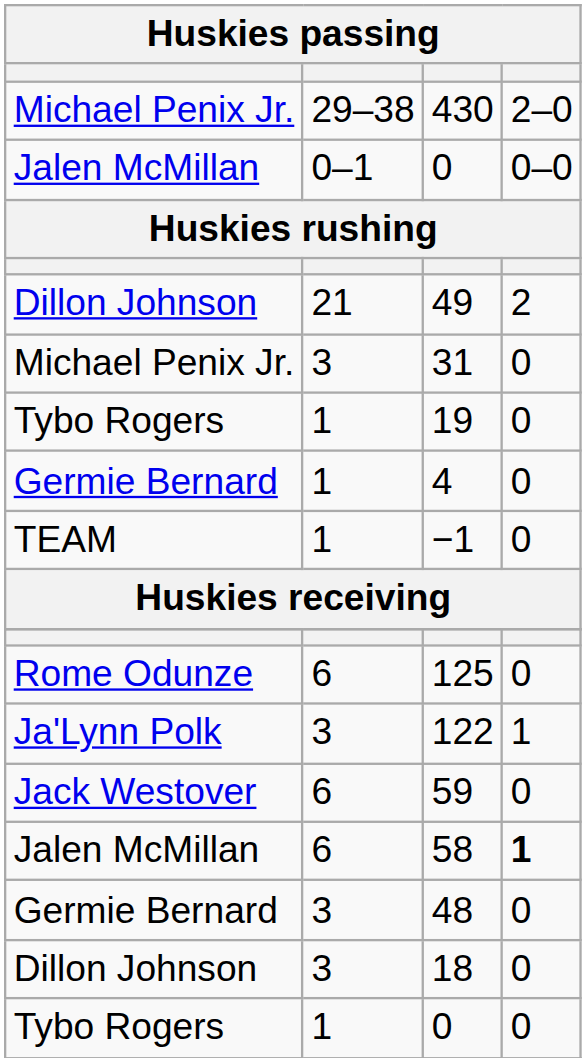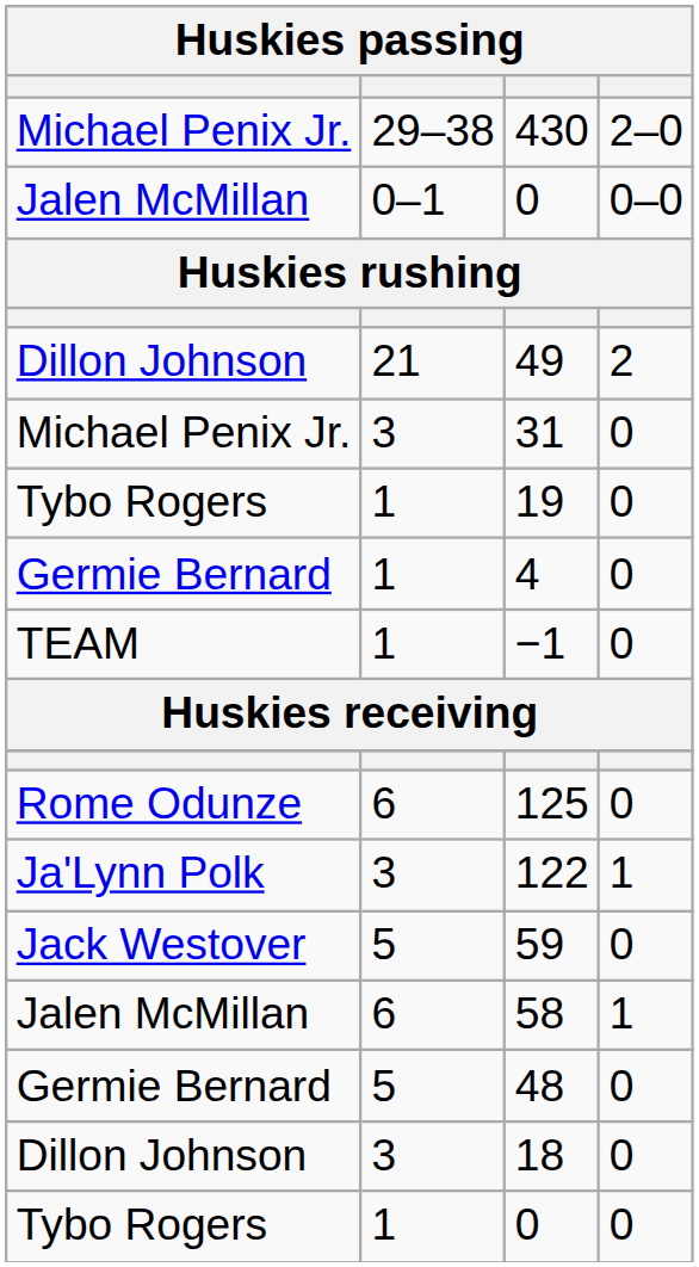 <table class="wikitable plainrowheaders">
 <tr>
 <th colspan="6">Huskies passing</th>
 </tr>
 <tr>
 <th scope="col"></th>
 <th scope="col"></th>
 <th scope="col"></th>
 <th scope="col"></th>
 </tr>
 <tr>
 <td><a href='#'>Michael Penix Jr.</a></td>
 <td>29–38</td>
 <td>430</td>
 <td>2–0</td>
 </tr>
 <tr>
 <td><a href='#'>Jalen McMillan</a></td>
 <td>0–1</td>
 <td>0</td>
 <td>0–0</td>
 </tr>
 <tr>
 <th colspan="6">Huskies rushing</th>
 </tr>
 <tr>
 <th scope="col"></th>
 <th scope="col"></th>
 <th scope="col"></th>
 <th scope="col"></th>
 </tr>
 <tr>
 <td><a href='#'>Dillon Johnson</a></td>
 <td>21</td>
 <td>49</td>
 <td>2</td>
 </tr>
 <tr>
 <td>Michael Penix Jr.</td>
 <td>3</td>
 <td>31</td>
 <td>0</td>
 </tr>
 <tr>
 <td>Tybo Rogers</td>
 <td>1</td>
 <td>19</td>
 <td>0</td>
 </tr>
 <tr>
 <td><a href='#'>Germie Bernard</a></td>
 <td>1</td>
 <td>4</td>
 <td>0</td>
 </tr>
 <tr>
 <td>TEAM</td>
 <td>1</td>
 <td>−1</td>
 <td>0</td>
 </tr>
 <tr>
 <th colspan="6">Huskies receiving</th>
 </tr>
 <tr>
 </tr>
 <tr>
 <th scope="col"></th>
 <th scope="col"></th>
 <th scope="col"></th>
 <th scope="col"></th>
 </tr>
 <tr>
 <td><a href='#'>Rome Odunze</a></td>
 <td>6</td>
 <td>125</td>
 <td>0</td>
 </tr>
 <tr>
 <td><a href='#'>Ja'Lynn Polk</a></td>
 <td>3</td>
 <td>122</td>
 <td>1</td>
 </tr>
 <tr>
 <td><a href='#'>Jack Westover</a></td>
-<td>6</td>
+<td>5</td>
 <td>59</td>
 <td>0</td>
 </tr>
 <tr>
 <td>Jalen McMillan</td>
 <td>6</td>
 <td>58</td>
-<td><strong>1</strong></td>
+<td>1</td>
 </tr>
 <tr>
 <td>Germie Bernard</td>
-<td>3</td>
+<td>5</td>
 <td>48</td>
 <td>0</td>
 </tr>
 <tr>
 <td>Dillon Johnson</td>
 <td>3</td>
 <td>18</td>
 <td>0</td>
 </tr>
 <tr>
 <td>Tybo Rogers</td>
 <td>1</td>
 <td>0</td>
 <td>0</td>
 </tr>
 <tr>
 </tr>
 </table>
